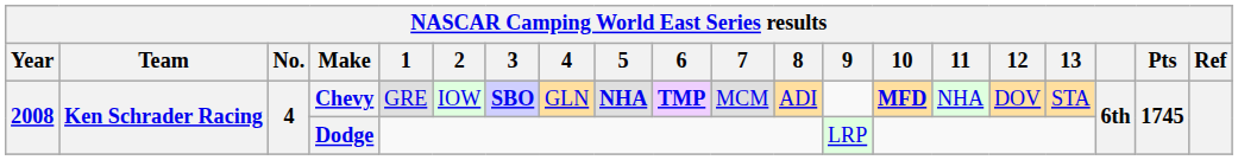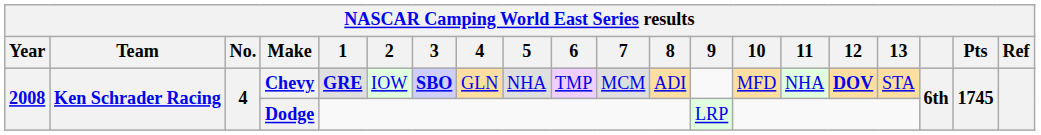 <table class="wikitable" style="text-align:center; font-size:75%">
 <tr>
 <th colspan=20><a href='#'>NASCAR Camping World East Series</a> results</th>
 </tr>
 <tr>
 <th>Year</th>
 <th>Team</th>
 <th>No.</th>
 <th>Make</th>
 <th>1</th>
 <th>2</th>
 <th>3</th>
 <th>4</th>
 <th>5</th>
 <th>6</th>
 <th>7</th>
 <th>8</th>
 <th>9</th>
 <th>10</th>
 <th>11</th>
 <th>12</th>
 <th>13</th>
 <th></th>
 <th>Pts</th>
 <th>Ref</th>
 </tr>
 <tr>
 <th rowspan=2><a href='#'>2008</a></th>
 <th rowspan=2><a href='#'>Ken Schrader Racing</a></th>
 <th rowspan=2>4</th>
 <th><a href='#'>Chevy</a></th>
-<td style="background:#DFDFDF;"><a href='#'>GRE</a><br></td>
+<td style="background:#DFDFDF;"><strong><a href='#'>GRE</a><br></strong></td>
 <td style="background:#DFFFDF;"><a href='#'>IOW</a><br></td>
 <td style="background:#CFCFFF;"><strong><a href='#'>SBO</a></strong><br></td>
 <td style="background:#FFDF9F;"><a href='#'>GLN</a><br></td>
-<td style="background:#DFDFDF;"><strong><a href='#'>NHA</a><br></strong></td>
-<td style="background:#EFCFFF;"><strong><a href='#'>TMP</a><br></strong></td>
+<td style="background:#DFDFDF;"><a href='#'>NHA</a><br></td>
+<td style="background:#EFCFFF;"><a href='#'>TMP</a><br></td>
 <td style="background:#DFDFDF;"><a href='#'>MCM</a><br></td>
 <td style="background:#FFDF9F;"><a href='#'>ADI</a><br></td>
 <td></td>
-<td style="background:#FFDF9F;"><strong><a href='#'>MFD</a><br></strong></td>
+<td style="background:#FFDF9F;"><a href='#'>MFD</a><br></td>
 <td style="background:#DFFFDF;"><a href='#'>NHA</a><br></td>
-<td style="background:#FFDF9F;"><a href='#'>DOV</a><br></td>
+<td style="background:#FFDF9F;"><strong><a href='#'>DOV</a><br></strong></td>
 <td style="background:#FFDF9F;"><a href='#'>STA</a><br></td>
 <th rowspan=2>6th</th>
 <th rowspan=2>1745</th>
 <th rowspan=2></th>
 </tr>
 <tr>
 <th><a href='#'>Dodge</a></th>
 <td colspan=8></td>
 <td style="background:#DFFFDF;"><a href='#'>LRP</a><br></td>
 <td colspan=4></td>
 </tr>
 </table>
